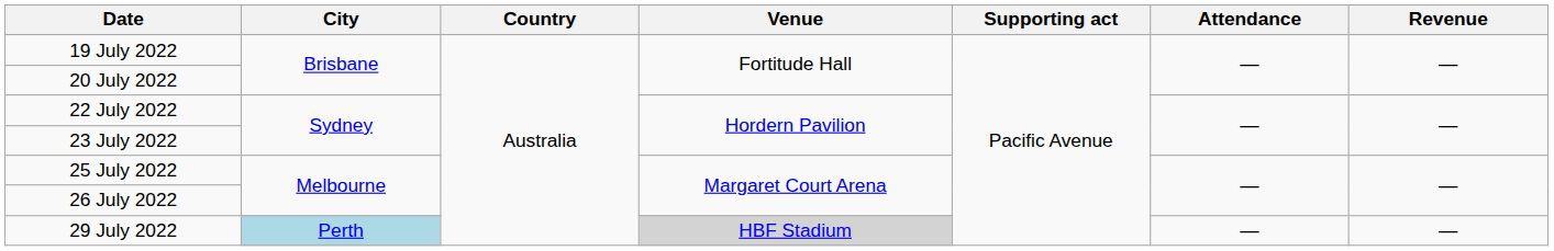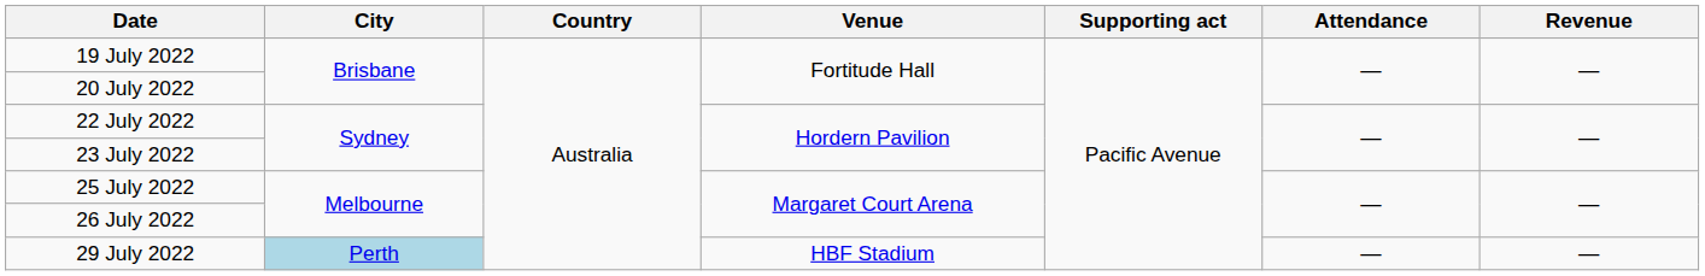 <table class="wikitable plainrowheaders" style="text-align:center;">
 <tr>
 <th scope="col" style="width:12em;">Date</th>
 <th scope="col" style="width:10em;">City</th>
 <th scope="col" style="width:10em;">Country</th>
 <th scope="col" style="width:16em;">Venue</th>
 <th scope="col" style="width:10em;">Supporting act</th>
 <th scope="col" style="width:10em;">Attendance</th>
 <th scope="col" style="width:10em;">Revenue</th>
 </tr>
 <tr>
 <td>19 July 2022</td>
 <td rowspan="2"><a href='#'>Brisbane</a></td>
 <td rowspan="7">Australia</td>
 <td rowspan="2">Fortitude Hall</td>
 <td rowspan="7">Pacific Avenue</td>
 <td rowspan="2">—</td>
 <td rowspan="2">—</td>
 </tr>
 <tr>
 <td>20 July 2022</td>
 </tr>
 <tr>
 <td>22 July 2022</td>
 <td rowspan="2"><a href='#'>Sydney</a></td>
 <td rowspan="2"><a href='#'>Hordern Pavilion</a></td>
 <td rowspan="2">—</td>
 <td rowspan="2">—</td>
 </tr>
 <tr>
 <td>23 July 2022</td>
 </tr>
 <tr>
 <td>25 July 2022</td>
 <td rowspan="2"><a href='#'>Melbourne</a></td>
 <td rowspan="2"><a href='#'>Margaret Court Arena</a></td>
 <td rowspan="2">—</td>
 <td rowspan="2">—</td>
 </tr>
 <tr>
 <td>26 July 2022</td>
 </tr>
 <tr>
 <td>29 July 2022</td>
 <td style="background: lightblue;"><a href='#'>Perth</a></td>
-<td style="background: lightgrey;"><a href='#'>HBF Stadium</a></td>
+<td><a href='#'>HBF Stadium</a></td>
 <td>—</td>
 <td>—</td>
 </tr>
 </table>
